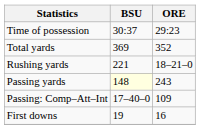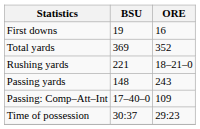 <table class="wikitable" style="float: left;">
 <tr>
 <th>Statistics</th>
 <th>BSU</th>
 <th>ORE</th>
 </tr>
 <tr>
-<td>Time of possession</td>
-<td>30:37</td>
-<td>29:23</td>
+<td>First downs</td>
+<td>19</td>
+<td>16</td>
 </tr>
 <tr>
 <td>Total yards</td>
 <td>369</td>
 <td>352</td>
 </tr>
 <tr>
 <td>Rushing yards</td>
 <td>221</td>
 <td>18–21–0</td>
 </tr>
 <tr>
 <td>Passing yards</td>
-<td style="background: lightyellow;">148</td>
+<td>148</td>
 <td>243</td>
 </tr>
 <tr>
 <td>Passing: Comp–Att–Int</td>
 <td>17–40–0</td>
 <td>109</td>
 </tr>
 <tr>
-<td>First downs</td>
-<td>19</td>
-<td>16</td>
+<td>Time of possession</td>
+<td>30:37</td>
+<td>29:23</td>
 </tr>
 <tr>
 </tr>
 </table>
